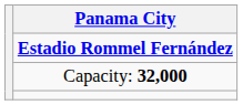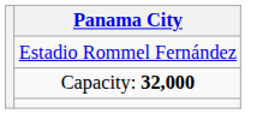 <table class="wikitable" style="text-align:center">
 <tr>
 <th rowspan="8"></th>
 <th><a href='#'>Panama City</a></th>
 </tr>
 <tr>
-<td><strong><a href='#'>Estadio Rommel Fernández</a></strong></td>
+<td><a href='#'>Estadio Rommel Fernández</a></td>
 </tr>
 <tr>
 <td>Capacity: <strong>32,000</strong></td>
 </tr>
 <tr>
 <td></td>
 </tr>
 </table>
